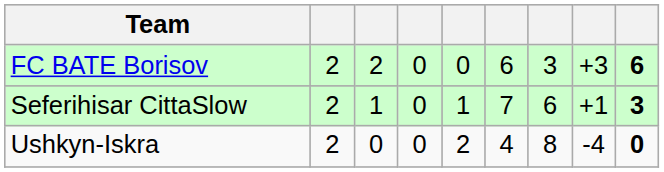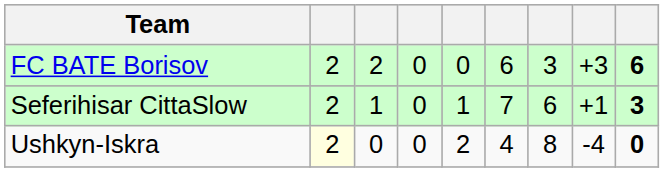 <table class="wikitable" style="text-align: center;">
 <tr>
 <th width="185">Team</th>
 <th width="20"></th>
 <th width="20"></th>
 <th width="20"></th>
 <th width="20"></th>
 <th width="20"></th>
 <th width="20"></th>
 <th width="20"></th>
 <th width="20"></th>
 </tr>
 <tr bgcolor=#ccffcc>
 <td align=left> <a href='#'>FC BATE Borisov</a></td>
 <td>2</td>
 <td>2</td>
 <td>0</td>
 <td>0</td>
 <td>6</td>
 <td>3</td>
 <td>+3</td>
 <td><strong>6</strong></td>
 </tr>
 <tr bgcolor=#ccffcc>
 <td align=left> Seferihisar CittaSlow</td>
 <td>2</td>
 <td>1</td>
 <td>0</td>
 <td>1</td>
 <td>7</td>
 <td>6</td>
 <td>+1</td>
 <td><strong>3</strong></td>
 </tr>
 <tr>
 <td align=left> Ushkyn-Iskra</td>
-<td>2</td>
+<td style="background: lightyellow;">2</td>
 <td>0</td>
 <td>0</td>
 <td>2</td>
 <td>4</td>
 <td>8</td>
 <td>-4</td>
 <td><strong>0</strong></td>
 </tr>
 </table>
